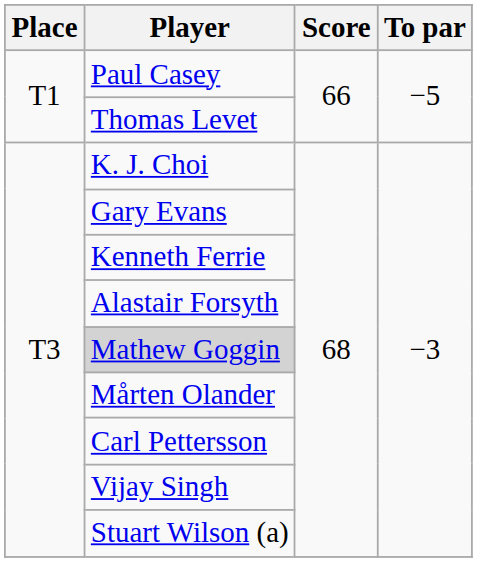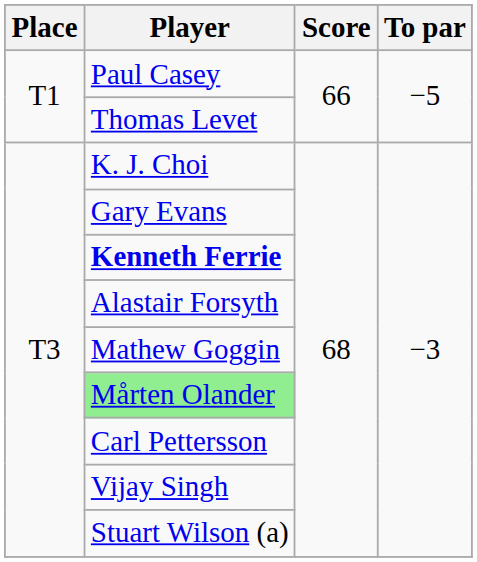 <table class="wikitable">
 <tr>
 <th>Place</th>
 <th>Player</th>
 <th>Score</th>
 <th>To par</th>
 </tr>
 <tr>
 <td rowspan="2" align=center>T1</td>
 <td> <a href='#'>Paul Casey</a></td>
 <td rowspan="2" align=center>66</td>
 <td rowspan="2" align=center>−5</td>
 </tr>
 <tr>
 <td> <a href='#'>Thomas Levet</a></td>
 </tr>
 <tr>
 <td rowspan="9" align=center>T3</td>
 <td> <a href='#'>K. J. Choi</a></td>
 <td rowspan="9" align=center>68</td>
 <td rowspan="9" align=center>−3</td>
 </tr>
 <tr>
 <td> <a href='#'>Gary Evans</a></td>
 </tr>
 <tr>
-<td> <a href='#'>Kenneth Ferrie</a></td>
+<td><strong> <a href='#'>Kenneth Ferrie</a></strong></td>
 </tr>
 <tr>
 <td> <a href='#'>Alastair Forsyth</a></td>
 </tr>
 <tr>
-<td style="background: lightgrey;"> <a href='#'>Mathew Goggin</a></td>
+<td> <a href='#'>Mathew Goggin</a></td>
 </tr>
 <tr>
-<td> <a href='#'>Mårten Olander</a></td>
+<td style="background: lightgreen;"> <a href='#'>Mårten Olander</a></td>
 </tr>
 <tr>
 <td> <a href='#'>Carl Pettersson</a></td>
 </tr>
 <tr>
 <td> <a href='#'>Vijay Singh</a></td>
 </tr>
 <tr>
 <td> <a href='#'>Stuart Wilson</a> (a)</td>
 </tr>
 </table>
